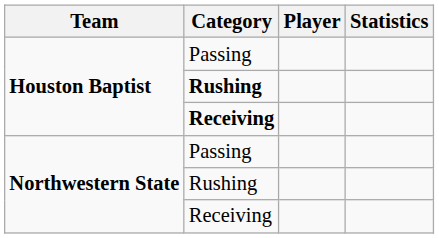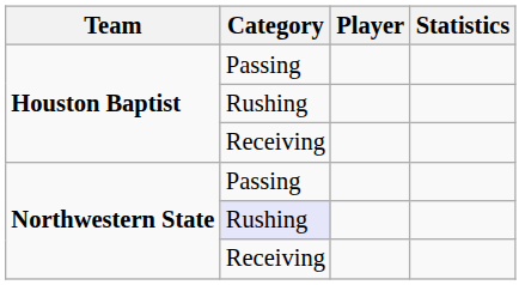 <table class="wikitable" style="float: left;">
 <tr>
 <th>Team</th>
 <th>Category</th>
 <th>Player</th>
 <th>Statistics</th>
 </tr>
 <tr>
 <td rowspan=3><strong>Houston Baptist</strong></td>
 <td>Passing</td>
 <td> </td>
 <td> </td>
 </tr>
 <tr>
-<td><strong>Rushing</strong></td>
+<td>Rushing</td>
 <td> </td>
 <td> </td>
 </tr>
 <tr>
-<td><strong>Receiving</strong></td>
+<td>Receiving</td>
 <td> </td>
 <td> </td>
 </tr>
 <tr>
 <td rowspan=3><strong>Northwestern State</strong></td>
 <td>Passing</td>
 <td> </td>
 <td> </td>
 </tr>
 <tr>
-<td>Rushing</td>
+<td style="background: lavender;">Rushing</td>
 <td> </td>
 <td> </td>
 </tr>
 <tr>
 <td>Receiving</td>
 <td> </td>
 <td> </td>
 </tr>
 </table>
